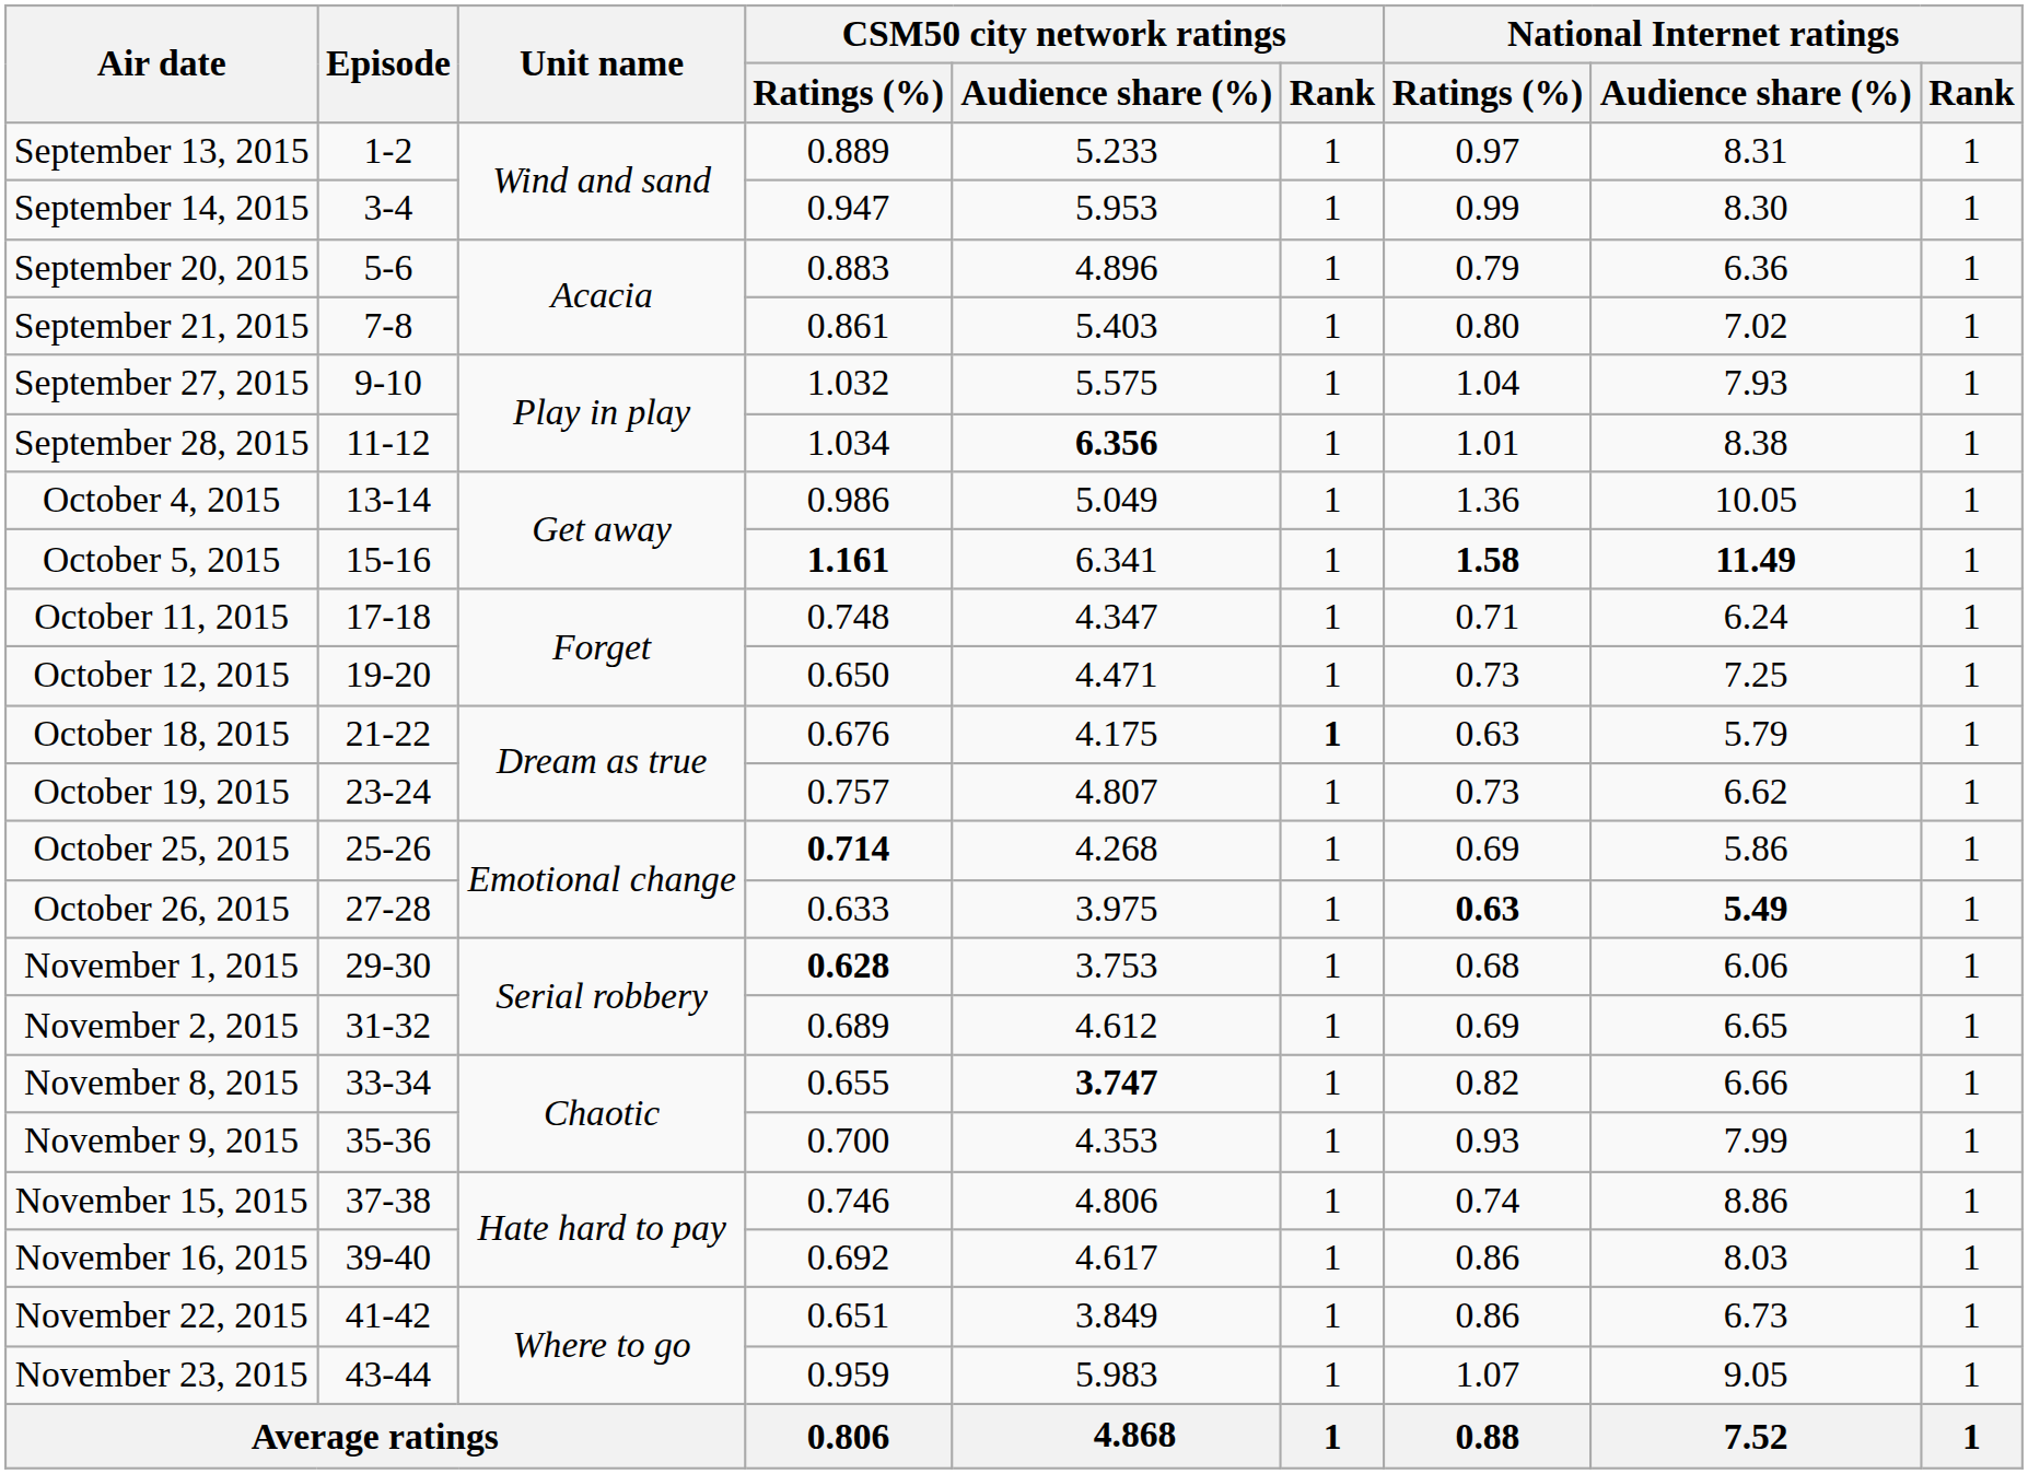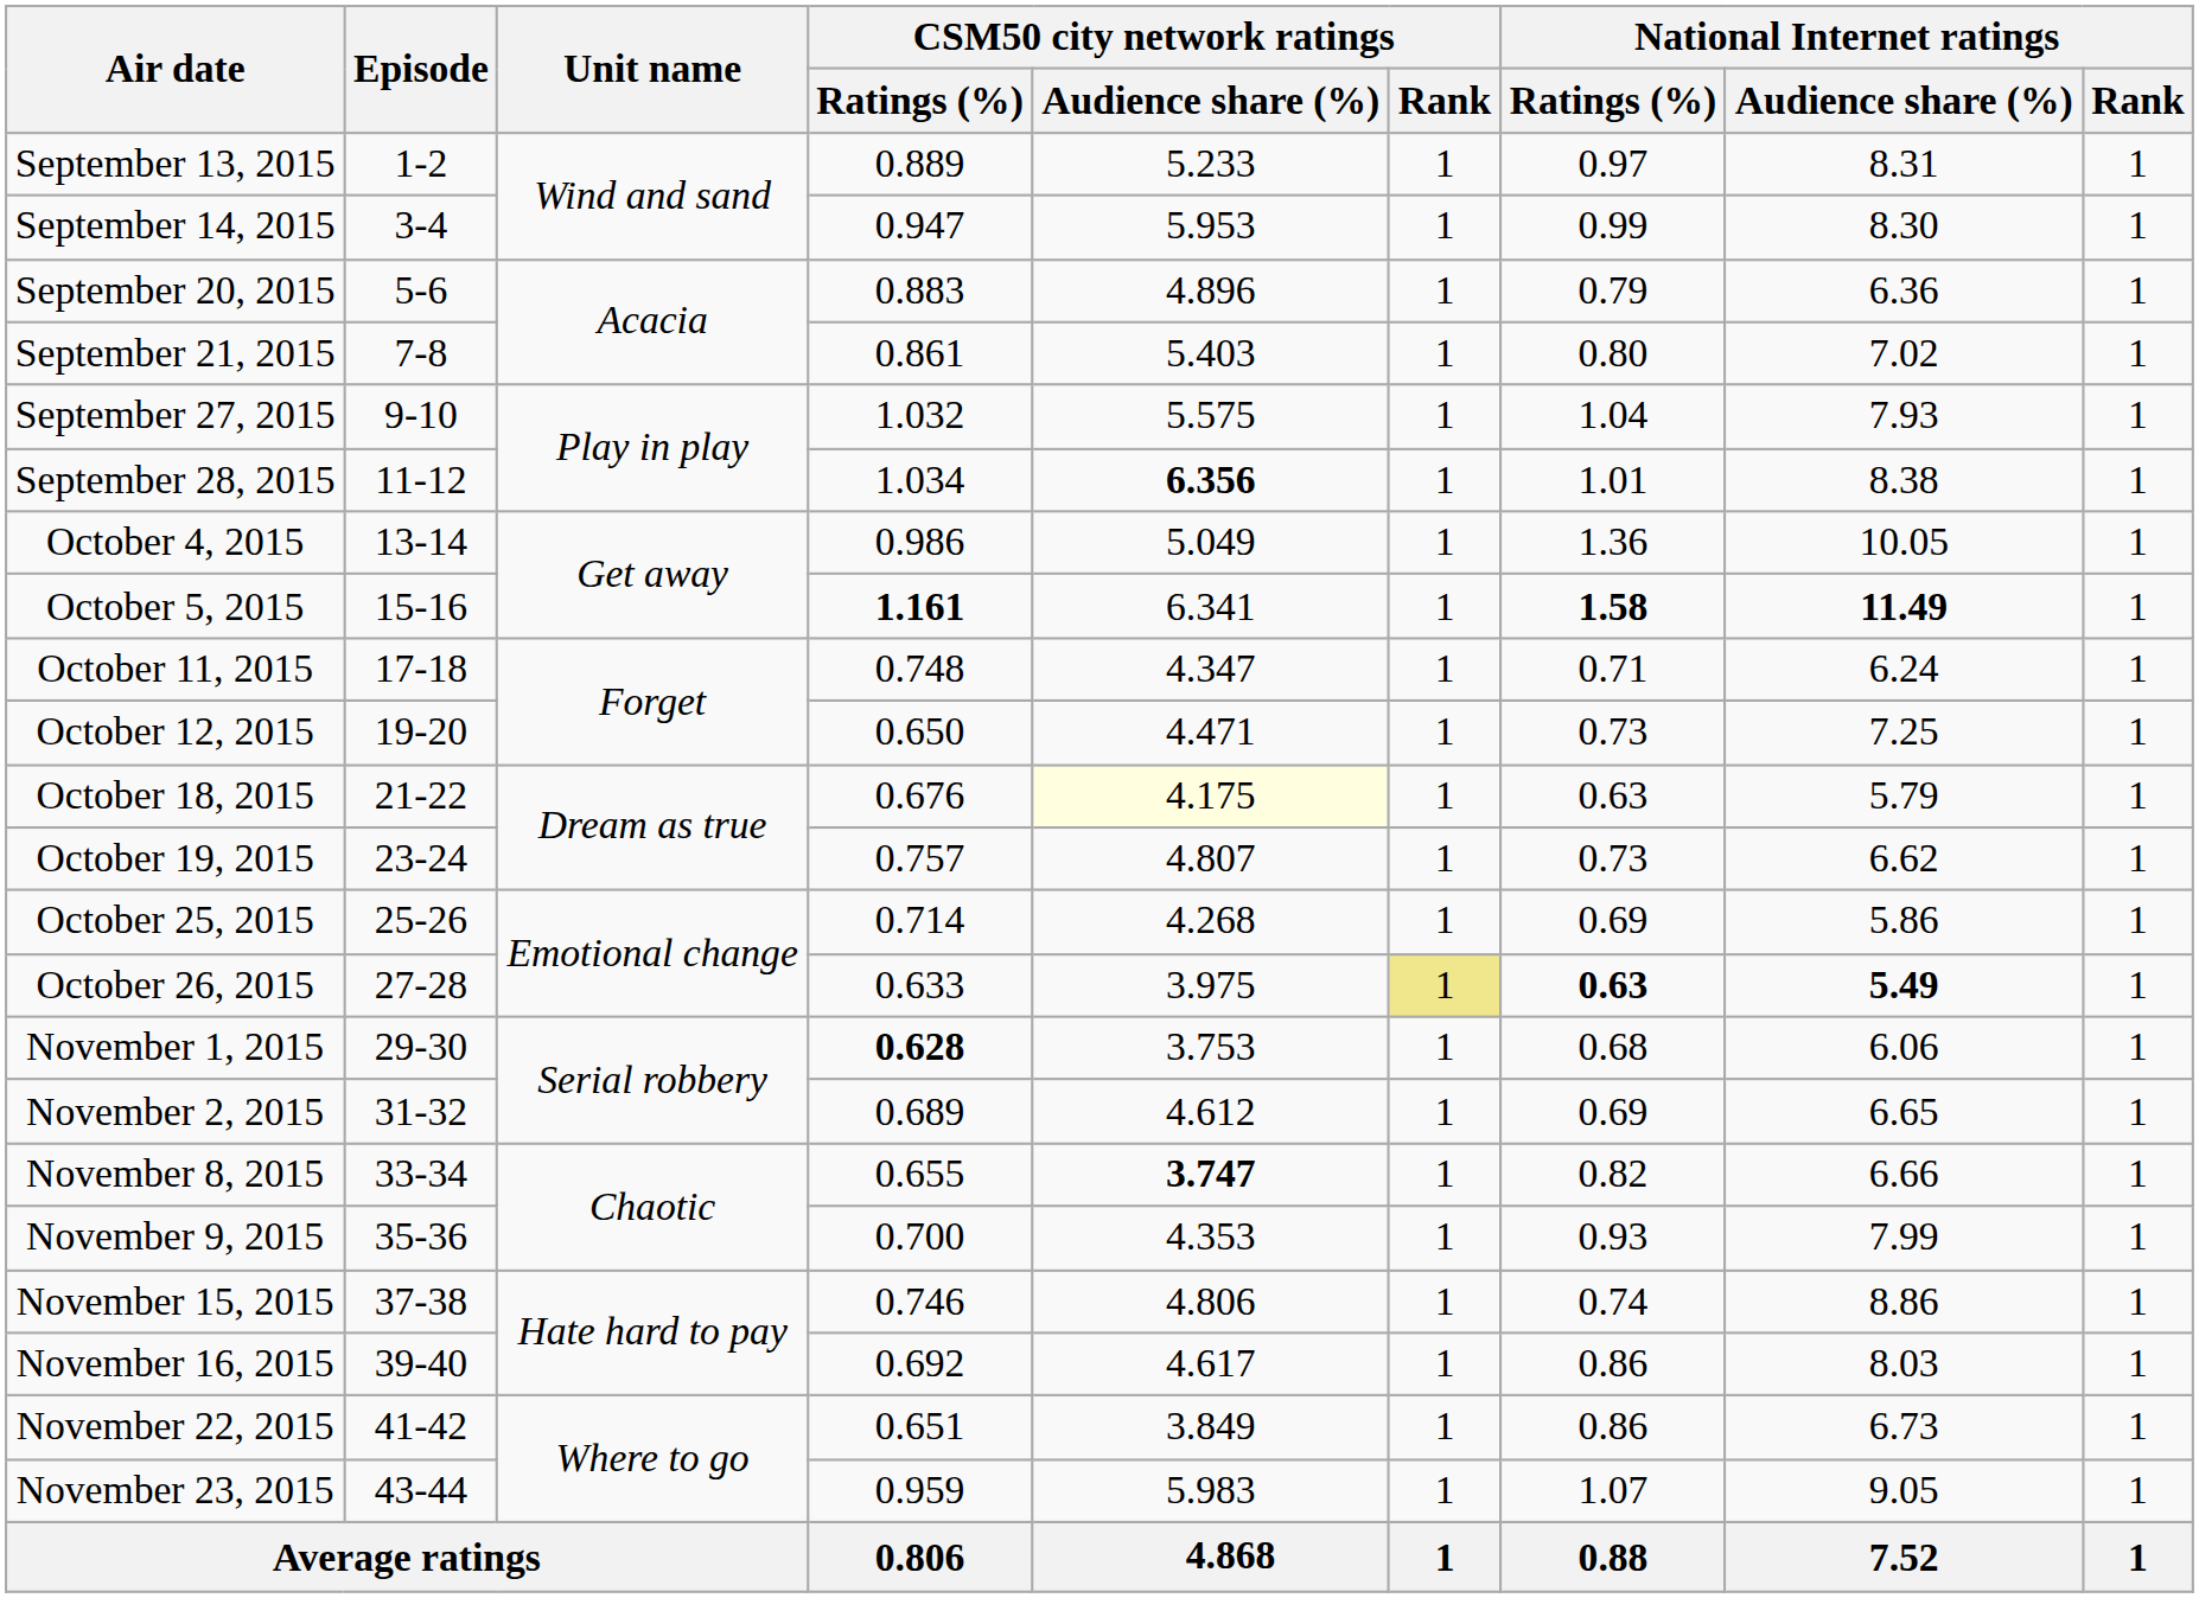 <table class="wikitable sortable mw-collapsible jquery-tablesorter" style="text-align:center">
 <tr>
 <th rowspan="2">Air date</th>
 <th rowspan="2">Episode</th>
 <th rowspan="2">Unit name</th>
 <th colspan="3">CSM50 city network ratings</th>
 <th colspan="3">National Internet ratings</th>
 </tr>
 <tr>
 <th>Ratings (%)</th>
 <th>Audience share (%)</th>
 <th>Rank</th>
 <th>Ratings (%)</th>
 <th>Audience share (%)</th>
 <th>Rank</th>
 </tr>
 <tr>
 <td>September 13, 2015</td>
 <td>1-2</td>
 <td rowspan="2"><em>Wind and sand</em></td>
 <td>0.889</td>
 <td>5.233</td>
 <td>1</td>
 <td>0.97</td>
 <td>8.31</td>
 <td>1</td>
 </tr>
 <tr>
 <td>September 14, 2015</td>
 <td>3-4</td>
 <td>0.947</td>
 <td>5.953</td>
 <td>1</td>
 <td>0.99</td>
 <td>8.30</td>
 <td>1</td>
 </tr>
 <tr>
 <td>September 20, 2015</td>
 <td>5-6</td>
 <td rowspan="2"><em>Acacia</em></td>
 <td>0.883</td>
 <td>4.896</td>
 <td>1</td>
 <td>0.79</td>
 <td>6.36</td>
 <td>1</td>
 </tr>
 <tr>
 <td>September 21, 2015</td>
 <td>7-8</td>
 <td>0.861</td>
 <td>5.403</td>
 <td>1</td>
 <td>0.80</td>
 <td>7.02</td>
 <td>1</td>
 </tr>
 <tr>
 <td>September 27, 2015</td>
 <td>9-10</td>
 <td rowspan="2"><em>Play in play</em></td>
 <td>1.032</td>
 <td>5.575</td>
 <td>1</td>
 <td>1.04</td>
 <td>7.93</td>
 <td>1</td>
 </tr>
 <tr>
 <td>September 28, 2015</td>
 <td>11-12</td>
 <td>1.034</td>
 <td><strong><span>6.356</span></strong></td>
 <td>1</td>
 <td>1.01</td>
 <td>8.38</td>
 <td>1</td>
 </tr>
 <tr>
 <td>October 4, 2015</td>
 <td>13-14</td>
 <td rowspan="2"><em>Get away</em></td>
 <td>0.986</td>
 <td>5.049</td>
 <td>1</td>
 <td>1.36</td>
 <td>10.05</td>
 <td>1</td>
 </tr>
 <tr>
 <td>October 5, 2015</td>
 <td>15-16</td>
 <td><strong><span>1.161</span></strong></td>
 <td>6.341</td>
 <td>1</td>
 <td><strong><span>1.58</span></strong></td>
 <td><strong><span>11.49</span></strong></td>
 <td>1</td>
 </tr>
 <tr>
 <td>October 11, 2015</td>
 <td>17-18</td>
 <td rowspan="2"><em>Forget</em></td>
 <td>0.748</td>
 <td>4.347</td>
 <td>1</td>
 <td>0.71</td>
 <td>6.24</td>
 <td>1</td>
 </tr>
 <tr>
 <td>October 12, 2015</td>
 <td>19-20</td>
 <td>0.650</td>
 <td>4.471</td>
 <td>1</td>
 <td>0.73</td>
 <td>7.25</td>
 <td>1</td>
 </tr>
 <tr>
 <td>October 18, 2015</td>
 <td>21-22</td>
 <td rowspan="2"><em>Dream as true</em></td>
 <td>0.676</td>
-<td>4.175</td>
-<td><strong>1</strong></td>
+<td style="background: lightyellow;">4.175</td>
+<td>1</td>
 <td>0.63</td>
 <td>5.79</td>
 <td>1</td>
 </tr>
 <tr>
 <td>October 19, 2015</td>
 <td>23-24</td>
 <td>0.757</td>
 <td>4.807</td>
 <td>1</td>
 <td>0.73</td>
 <td>6.62</td>
 <td>1</td>
 </tr>
 <tr>
 <td>October 25, 2015</td>
 <td>25-26</td>
 <td rowspan="2"><em>Emotional change</em></td>
-<td><strong>0.714</strong></td>
+<td>0.714</td>
 <td>4.268</td>
 <td>1</td>
 <td>0.69</td>
 <td>5.86</td>
 <td>1</td>
 </tr>
 <tr>
 <td>October 26, 2015</td>
 <td>27-28</td>
 <td>0.633</td>
 <td>3.975</td>
-<td>1</td>
+<td style="background: khaki;">1</td>
 <td><strong><span>0.63</span></strong></td>
 <td><strong><span>5.49</span></strong></td>
 <td>1</td>
 </tr>
 <tr>
 <td>November 1, 2015</td>
 <td>29-30</td>
 <td rowspan="2"><em>Serial robbery</em></td>
 <td><strong><span>0.628</span></strong></td>
 <td>3.753</td>
 <td>1</td>
 <td>0.68</td>
 <td>6.06</td>
 <td>1</td>
 </tr>
 <tr>
 <td>November 2, 2015</td>
 <td>31-32</td>
 <td>0.689</td>
 <td>4.612</td>
 <td>1</td>
 <td>0.69</td>
 <td>6.65</td>
 <td>1</td>
 </tr>
 <tr>
 <td>November 8, 2015</td>
 <td>33-34</td>
 <td rowspan="2"><em>Chaotic</em></td>
 <td>0.655</td>
 <td><strong><span>3.747</span></strong></td>
 <td>1</td>
 <td>0.82</td>
 <td>6.66</td>
 <td>1</td>
 </tr>
 <tr>
 <td>November 9, 2015</td>
 <td>35-36</td>
 <td>0.700</td>
 <td>4.353</td>
 <td>1</td>
 <td>0.93</td>
 <td>7.99</td>
 <td>1</td>
 </tr>
 <tr>
 <td>November 15, 2015</td>
 <td>37-38</td>
 <td rowspan="2"><em>Hate hard to pay</em></td>
 <td>0.746</td>
 <td>4.806</td>
 <td>1</td>
 <td>0.74</td>
 <td>8.86</td>
 <td>1</td>
 </tr>
 <tr>
 <td>November 16, 2015</td>
 <td>39-40</td>
 <td>0.692</td>
 <td>4.617</td>
 <td>1</td>
 <td>0.86</td>
 <td>8.03</td>
 <td>1</td>
 </tr>
 <tr>
 <td>November 22, 2015</td>
 <td>41-42</td>
 <td rowspan="2"><em>Where to go</em></td>
 <td>0.651</td>
 <td>3.849</td>
 <td>1</td>
 <td>0.86</td>
 <td>6.73</td>
 <td>1</td>
 </tr>
 <tr>
 <td>November 23, 2015</td>
 <td>43-44</td>
 <td>0.959</td>
 <td>5.983</td>
 <td>1</td>
 <td>1.07</td>
 <td>9.05</td>
 <td>1</td>
 </tr>
 <tr>
 <th colspan="3">Average ratings</th>
 <th>0.806</th>
 <th>　4.868</th>
 <th>1</th>
 <th>0.88</th>
 <th>7.52</th>
 <th>1</th>
 </tr>
 </table>
